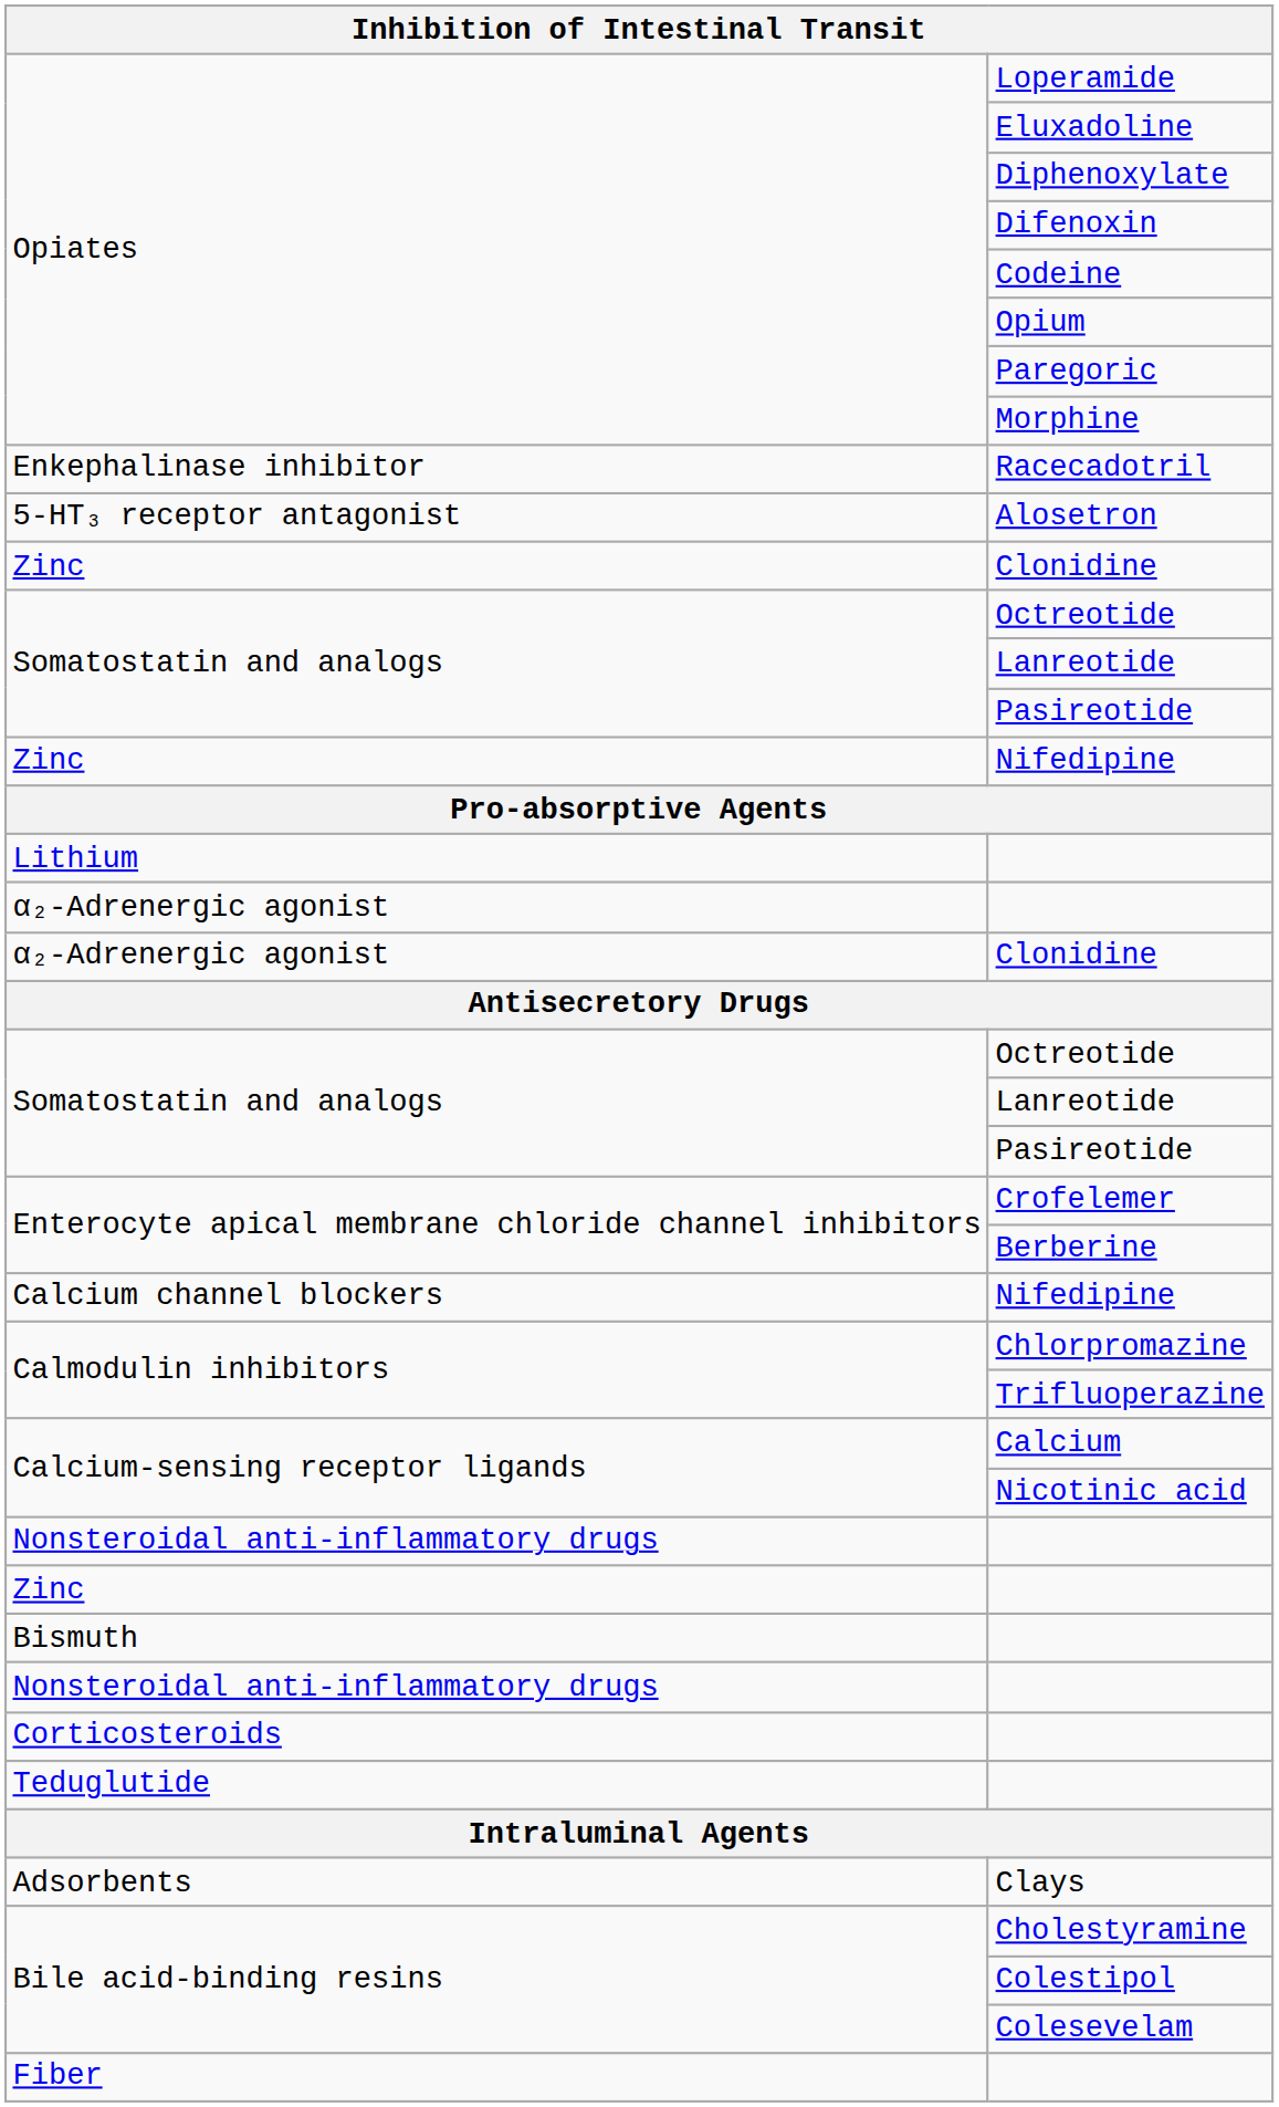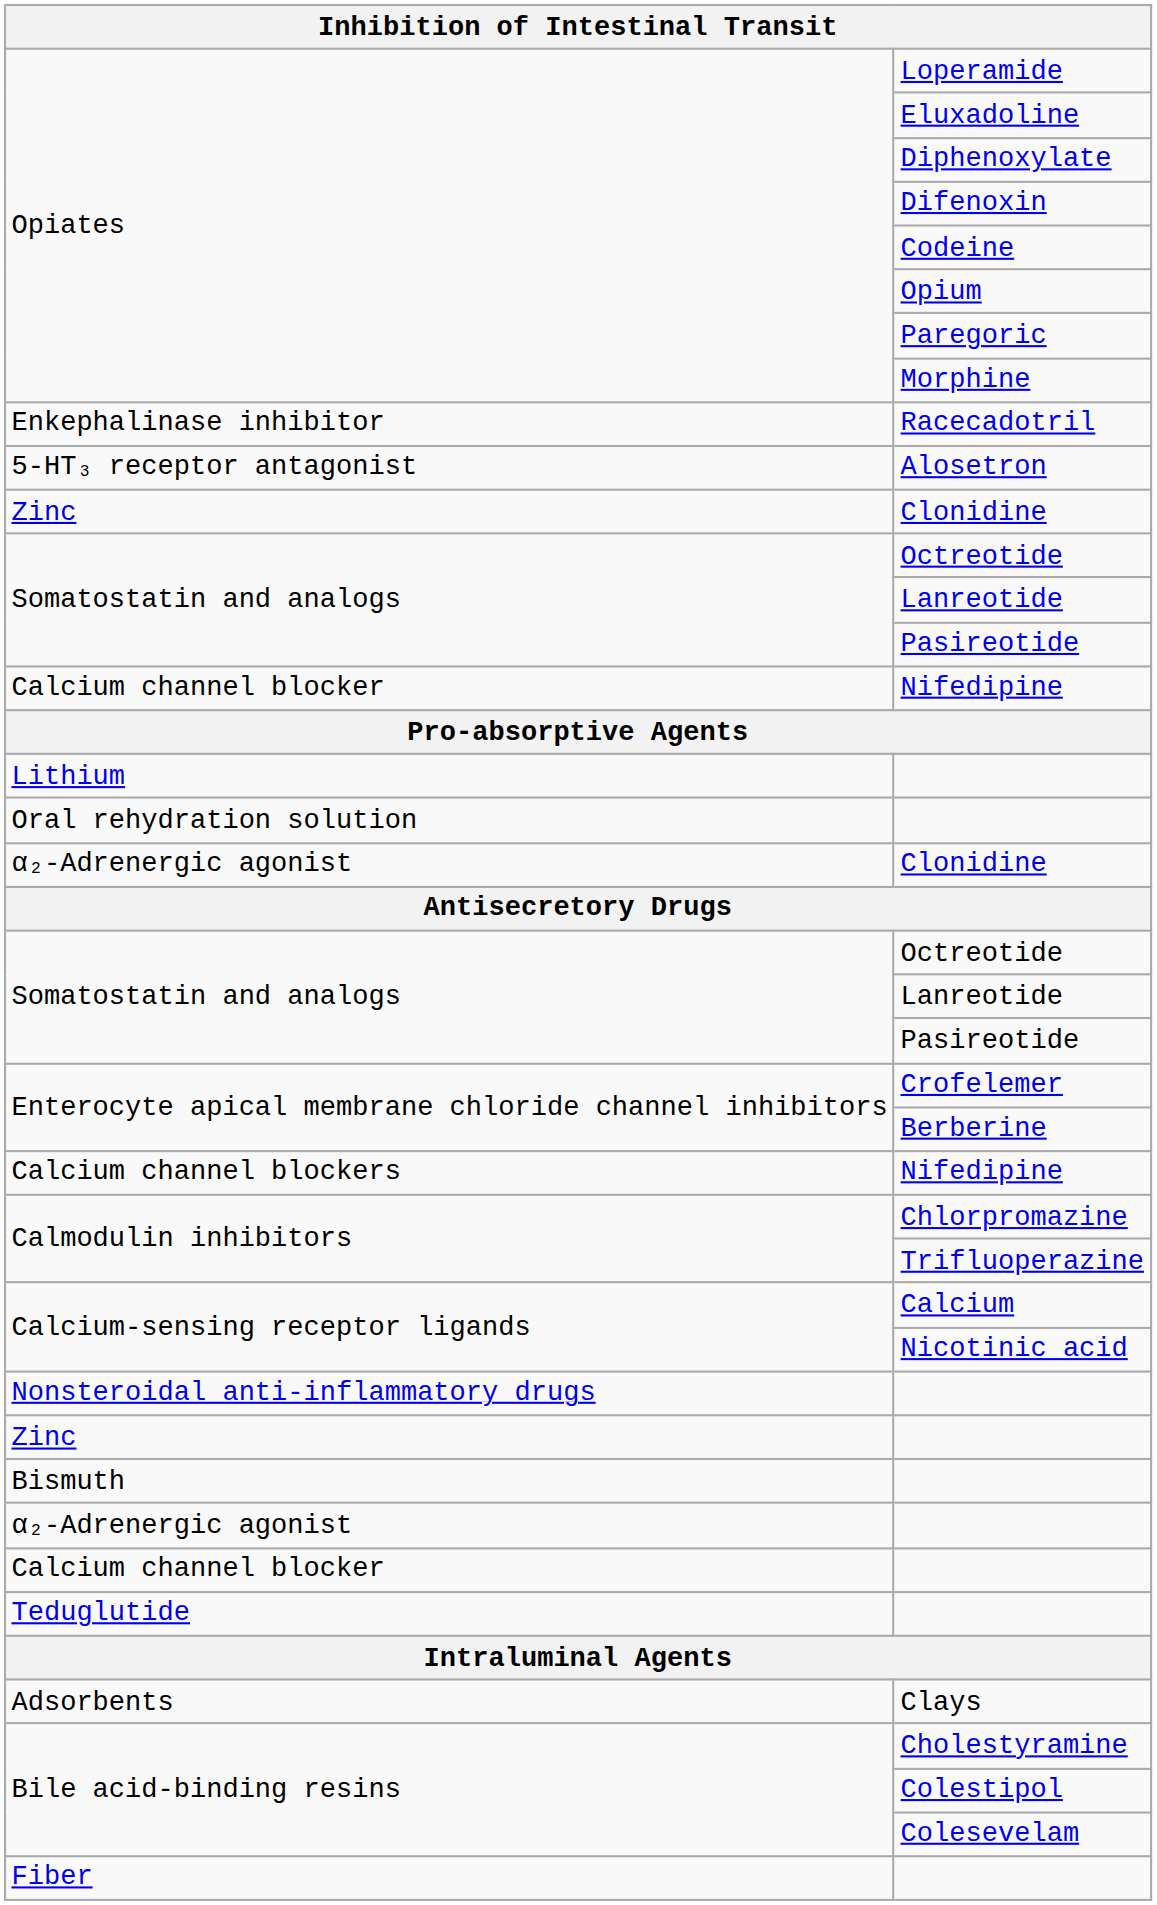 <table class="wikitable">
 <tr>
 <th colspan="2">Inhibition of Intestinal Transit</th>
 </tr>
 <tr>
 <td rowspan="8">Opiates</td>
 <td><a href='#'>Loperamide</a></td>
 </tr>
 <tr>
 <td><a href='#'>Eluxadoline</a></td>
 </tr>
 <tr>
 <td><a href='#'>Diphenoxylate</a></td>
 </tr>
 <tr>
 <td><a href='#'>Difenoxin</a></td>
 </tr>
 <tr>
 <td><a href='#'>Codeine</a></td>
 </tr>
 <tr>
 <td><a href='#'>Opium</a></td>
 </tr>
 <tr>
 <td><a href='#'>Paregoric</a></td>
 </tr>
 <tr>
 <td><a href='#'>Morphine</a></td>
 </tr>
 <tr>
 <td>Enkephalinase inhibitor</td>
 <td><a href='#'>Racecadotril</a></td>
 </tr>
 <tr>
 <td>5-HT₃ receptor antagonist</td>
 <td><a href='#'>Alosetron</a></td>
 </tr>
 <tr>
 <td><a href='#'>Zinc</a></td>
 <td><a href='#'>Clonidine</a></td>
 </tr>
 <tr>
 <td rowspan="3">Somatostatin and analogs</td>
 <td><a href='#'>Octreotide</a></td>
 </tr>
 <tr>
 <td><a href='#'>Lanreotide</a></td>
 </tr>
 <tr>
 <td><a href='#'>Pasireotide</a></td>
 </tr>
 <tr>
-<td><a href='#'>Zinc</a></td>
+<td>Calcium channel blocker</td>
 <td><a href='#'>Nifedipine</a></td>
 </tr>
 <tr>
 <th colspan="2">Pro-absorptive Agents</th>
 </tr>
 <tr>
 <td><a href='#'>Lithium</a></td>
 <td></td>
 </tr>
 <tr>
-<td>α₂-Adrenergic agonist</td>
+<td>Oral rehydration solution</td>
 <td></td>
 </tr>
 <tr>
 <td>α₂-Adrenergic agonist</td>
 <td><a href='#'>Clonidine</a></td>
 </tr>
 <tr>
 <th colspan="2">Antisecretory Drugs</th>
 </tr>
 <tr>
 <td rowspan="3">Somatostatin and analogs</td>
 <td>Octreotide</td>
 </tr>
 <tr>
 <td>Lanreotide</td>
 </tr>
 <tr>
 <td>Pasireotide</td>
 </tr>
 <tr>
 <td rowspan="2">Enterocyte apical membrane chloride channel inhibitors</td>
 <td><a href='#'>Crofelemer</a></td>
 </tr>
 <tr>
 <td><a href='#'>Berberine</a></td>
 </tr>
 <tr>
 <td>Calcium channel blockers</td>
 <td><a href='#'>Nifedipine</a></td>
 </tr>
 <tr>
 <td rowspan="2">Calmodulin inhibitors</td>
 <td><a href='#'>Chlorpromazine</a></td>
 </tr>
 <tr>
 <td><a href='#'>Trifluoperazine</a></td>
 </tr>
 <tr>
 <td rowspan="2">Calcium-sensing receptor ligands</td>
 <td><a href='#'>Calcium</a></td>
 </tr>
 <tr>
 <td><a href='#'>Nicotinic acid</a></td>
 </tr>
 <tr>
 <td><a href='#'>Nonsteroidal anti-inflammatory drugs</a></td>
 <td></td>
 </tr>
 <tr>
 <td><a href='#'>Zinc</a></td>
 <td></td>
 </tr>
 <tr>
 <td>Bismuth</td>
 <td></td>
 </tr>
 <tr>
-<td><a href='#'>Nonsteroidal anti-inflammatory drugs</a></td>
+<td>α₂-Adrenergic agonist</td>
 <td></td>
 </tr>
 <tr>
-<td><a href='#'>Corticosteroids</a></td>
+<td>Calcium channel blocker</td>
 <td></td>
 </tr>
 <tr>
 <td><a href='#'>Teduglutide</a></td>
 <td></td>
 </tr>
 <tr>
 <th colspan="2">Intraluminal Agents</th>
 </tr>
 <tr>
 <td rowspan="1">Adsorbents</td>
 <td>Clays</td>
 </tr>
 <tr>
 <td rowspan="3">Bile acid-binding resins</td>
 <td><a href='#'>Cholestyramine</a></td>
 </tr>
 <tr>
 <td><a href='#'>Colestipol</a></td>
 </tr>
 <tr>
 <td><a href='#'>Colesevelam</a></td>
 </tr>
 <tr>
 <td><a href='#'>Fiber</a></td>
 <td></td>
 </tr>
 </table>
